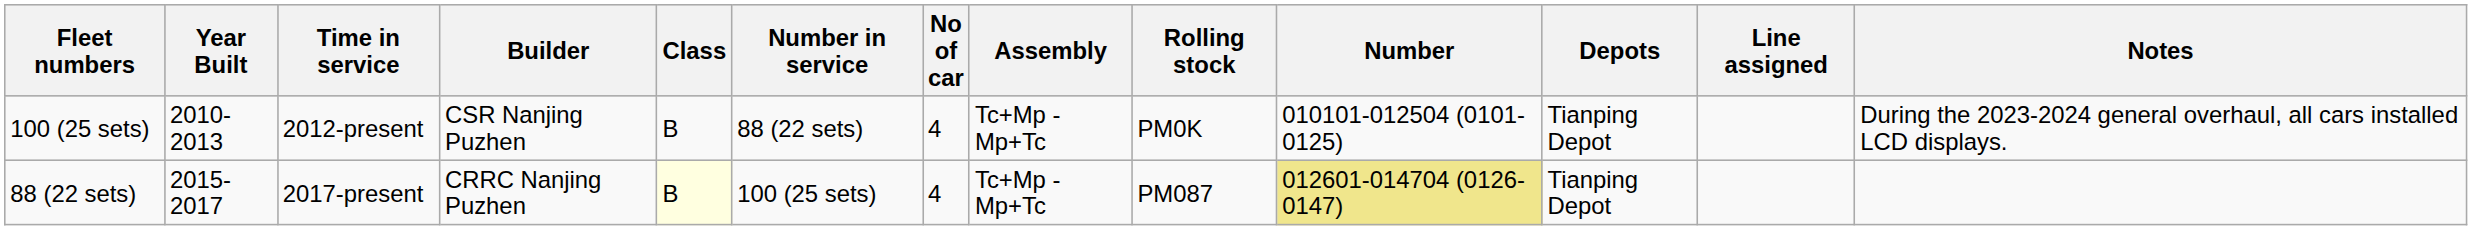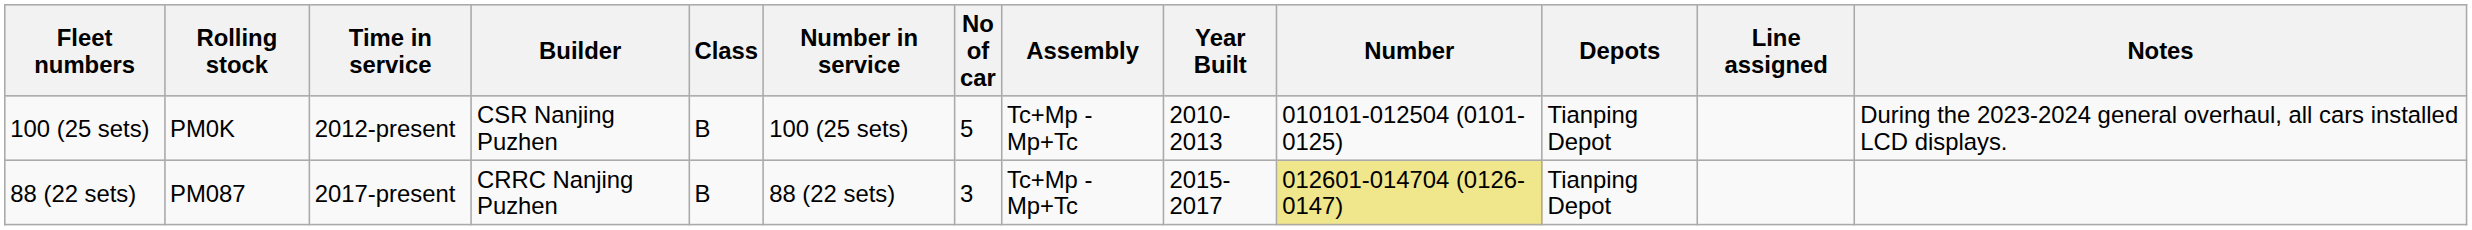 <table class="wikitable sortable" style="font-size: 95%;" |>
 <tr>
 <th>Fleet numbers</th>
-<th>Year Built</th>
+<th>Rolling stock</th>
 <th>Time in service</th>
 <th>Builder</th>
 <th>Class</th>
 <th>Number in service</th>
 <th>No <br>of<br> car</th>
 <th>Assembly</th>
-<th>Rolling stock</th>
+<th>Year Built</th>
 <th>Number</th>
 <th>Depots</th>
 <th>Line assigned</th>
 <th>Notes</th>
 </tr>
 <tr bo,>
 <td>100 (25 sets)</td>
-<td>2010-2013</td>
+<td>PM0K</td>
 <td>2012-present</td>
 <td>CSR Nanjing Puzhen</td>
 <td>B</td>
-<td>88 (22 sets)</td>
-<td>4</td>
+<td>100 (25 sets)</td>
+<td>5</td>
 <td>Tc+Mp - Mp+Tc</td>
-<td>PM0K</td>
+<td>2010-2013</td>
 <td>010101-012504 (0101-0125)</td>
 <td>Tianping Depot</td>
 <td></td>
 <td>During the 2023-2024 general overhaul, all cars installed LCD displays.</td>
 </tr>
 <tr>
 <td>88 (22 sets)</td>
-<td>2015-2017</td>
+<td>PM087</td>
 <td>2017-present</td>
 <td>CRRC Nanjing Puzhen</td>
-<td style="background: lightyellow;">B</td>
-<td>100 (25 sets)</td>
-<td>4</td>
+<td>B</td>
+<td>88 (22 sets)</td>
+<td>3</td>
 <td>Tc+Mp - Mp+Tc</td>
-<td>PM087</td>
+<td>2015-2017</td>
 <td style="background: khaki;">012601-014704 (0126-0147)</td>
 <td>Tianping Depot</td>
 <td></td>
 <td></td>
 </tr>
 </table>
